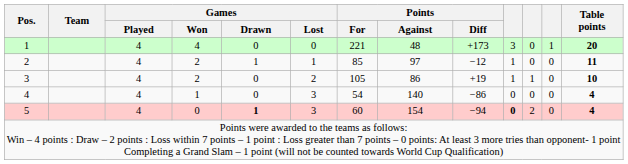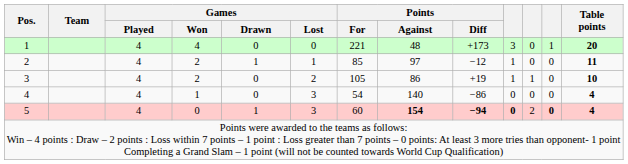 <table class="wikitable" style="text-align:center">
 <tr>
 <th rowspan="2">Pos.</th>
 <th rowspan="2">Team</th>
 <th colspan="4">Games</th>
 <th colspan="3">Points</th>
 <th rowspan="2"></th>
 <th rowspan="2"></th>
 <th rowspan="2"></th>
 <th rowspan="2">Table<br>points</th>
 </tr>
 <tr>
 <th>Played</th>
 <th>Won</th>
 <th>Drawn</th>
 <th>Lost</th>
 <th>For</th>
 <th>Against</th>
 <th>Diff</th>
 </tr>
 <tr style="text-align:center; background:#cfc;">
 <td>1</td>
 <td align=left></td>
 <td>4</td>
 <td>4</td>
 <td>0</td>
 <td>0</td>
 <td>221</td>
 <td>48</td>
 <td>+173</td>
 <td>3</td>
 <td>0</td>
 <td>1</td>
 <td><strong>20</strong></td>
 </tr>
 <tr align=center>
 <td>2</td>
 <td align=left></td>
 <td>4</td>
 <td>2</td>
 <td>1</td>
 <td>1</td>
 <td>85</td>
 <td>97</td>
 <td>−12</td>
 <td>1</td>
 <td>0</td>
 <td>0</td>
 <td><strong>11</strong></td>
 </tr>
 <tr align=center>
 <td>3</td>
 <td align=left></td>
 <td>4</td>
 <td>2</td>
 <td>0</td>
 <td>2</td>
 <td>105</td>
 <td>86</td>
 <td>+19</td>
 <td>1</td>
 <td>1</td>
 <td>0</td>
 <td><strong>10</strong></td>
 </tr>
 <tr align=center>
 <td>4</td>
 <td align=left></td>
 <td>4</td>
 <td>1</td>
 <td>0</td>
 <td>3</td>
 <td>54</td>
 <td>140</td>
 <td>−86</td>
 <td>0</td>
 <td>0</td>
 <td>0</td>
 <td><strong>4</strong></td>
 </tr>
 <tr style="text-align:center; background:#fcc;">
 <td>5</td>
 <td align=left></td>
 <td>4</td>
 <td>0</td>
-<td><strong>1</strong></td>
+<td>1</td>
 <td>3</td>
 <td>60</td>
-<td>154</td>
-<td>−94</td>
+<td><strong>154</strong></td>
+<td><strong>−94</strong></td>
 <td><strong>0</strong></td>
 <td>2</td>
-<td>0</td>
+<td><strong>0</strong></td>
 <td><strong>4</strong></td>
 </tr>
 <tr>
 <td style="text-align:center;" colspan="100">Points were awarded to the teams as follows:<br>Win – 4 points : Draw – 2 points  : Loss within 7 points – 1 point : Loss greater than 7 points – 0 points: At least 3 more tries than opponent- 1 point<br>Completing a Grand Slam – 1 point (will not be counted towards World Cup Qualification)</td>
 </tr>
 </table>
